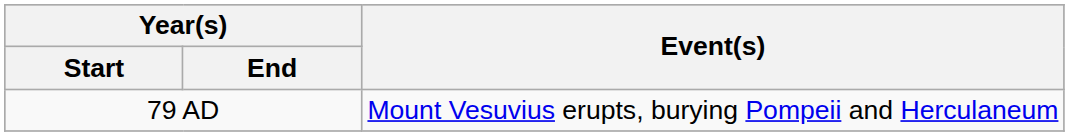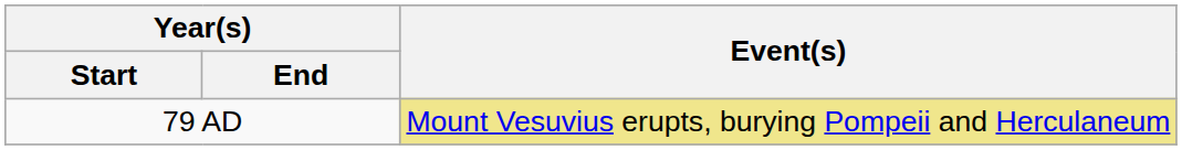 <table class="wikitable">
 <tr>
 <th colspan="2">Year(s)</th>
 <th rowspan="2">Event(s)</th>
 </tr>
 <tr>
 <th style="width:100px;">Start</th>
 <th style="width:100px;">End</th>
 </tr>
 <tr>
 <td colspan="2" style="text-align:center;">79 AD</td>
-<td><a href='#'>Mount Vesuvius</a> erupts, burying <a href='#'>Pompeii</a> and <a href='#'>Herculaneum</a></td>
+<td style="background: khaki;"><a href='#'>Mount Vesuvius</a> erupts, burying <a href='#'>Pompeii</a> and <a href='#'>Herculaneum</a></td>
 </tr>
 </table>
